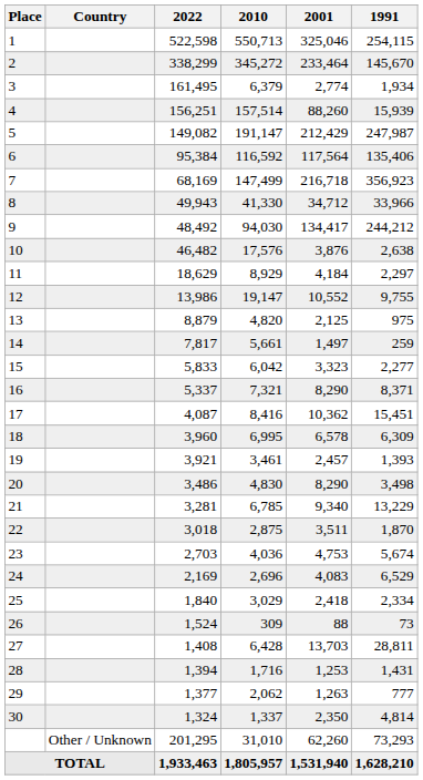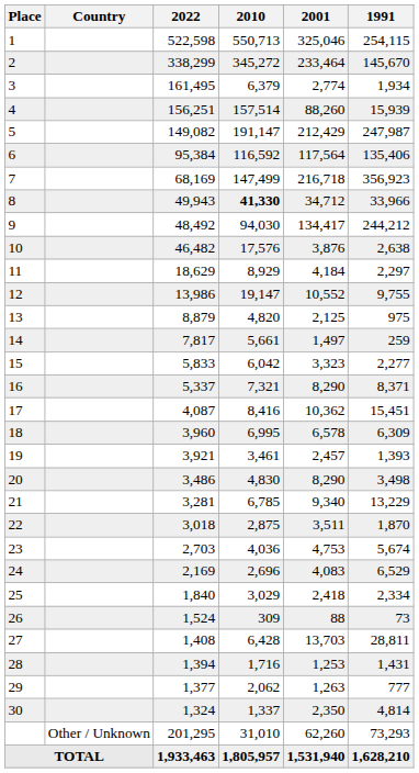 <table class="wikitable">
 <tr>
 <th>Place</th>
 <th>Country</th>
 <th>2022</th>
 <th>2010</th>
 <th>2001</th>
 <th>1991</th>
 </tr>
 <tr style="background:#fff;">
 <td>1</td>
 <td style="text-align:left"></td>
 <td style="text-align:right">522,598</td>
 <td style="text-align:right">550,713</td>
 <td style="text-align:right">325,046</td>
 <td style="text-align:right">254,115</td>
 </tr>
 <tr style="background:#efefef;">
 <td>2</td>
 <td style="text-align:left"></td>
 <td style="text-align:right">338,299</td>
 <td style="text-align:right">345,272</td>
 <td style="text-align:right">233,464</td>
 <td style="text-align:right">145,670</td>
 </tr>
 <tr style="background:#fff;">
 <td>3</td>
 <td style="text-align:left"></td>
 <td style="text-align:right">161,495</td>
 <td style="text-align:right">6,379</td>
 <td style="text-align:right">2,774</td>
 <td style="text-align:right">1,934</td>
 </tr>
 <tr style="background:#efefef;">
 <td>4</td>
 <td style="text-align:left"></td>
 <td style="text-align:right">156,251</td>
 <td style="text-align:right">157,514</td>
 <td style="text-align:right">88,260</td>
 <td style="text-align:right">15,939</td>
 </tr>
 <tr style="background:#fff;">
 <td>5</td>
 <td style="text-align:left"></td>
 <td style="text-align:right">149,082</td>
 <td style="text-align:right">191,147</td>
 <td style="text-align:right">212,429</td>
 <td style="text-align:right">247,987</td>
 </tr>
 <tr style="background:#efefef;">
 <td>6</td>
 <td style="text-align:left"></td>
 <td style="text-align:right">95,384</td>
 <td style="text-align:right">116,592</td>
 <td style="text-align:right">117,564</td>
 <td style="text-align:right">135,406</td>
 </tr>
 <tr style="background:#fff;">
 <td>7</td>
 <td style="text-align:left"></td>
 <td style="text-align:right">68,169</td>
 <td style="text-align:right">147,499</td>
 <td style="text-align:right">216,718</td>
 <td style="text-align:right">356,923</td>
 </tr>
 <tr style="background:#efefef;">
 <td>8</td>
 <td style="text-align:left"></td>
 <td style="text-align:right">49,943</td>
-<td style="text-align:right">41,330</td>
+<td style="text-align:right"><strong>41,330</strong></td>
 <td style="text-align:right">34,712</td>
 <td style="text-align:right">33,966</td>
 </tr>
 <tr style="background:#fff;">
 <td>9</td>
 <td style="text-align:left"></td>
 <td style="text-align:right">48,492</td>
 <td style="text-align:right">94,030</td>
 <td style="text-align:right">134,417</td>
 <td style="text-align:right">244,212</td>
 </tr>
 <tr style="background:#efefef;">
 <td>10</td>
 <td style="text-align:left"></td>
 <td style="text-align:right">46,482</td>
 <td style="text-align:right">17,576</td>
 <td style="text-align:right">3,876</td>
 <td style="text-align:right">2,638</td>
 </tr>
 <tr style="background:#fff;">
 <td>11</td>
 <td style="text-align:left"></td>
 <td style="text-align:right">18,629</td>
 <td style="text-align:right">8,929</td>
 <td style="text-align:right">4,184</td>
 <td style="text-align:right">2,297</td>
 </tr>
 <tr style="background:#efefef;">
 <td>12</td>
 <td style="text-align:left"></td>
 <td style="text-align:right">13,986</td>
 <td style="text-align:right">19,147</td>
 <td style="text-align:right">10,552</td>
 <td style="text-align:right">9,755</td>
 </tr>
 <tr style="background:#fff;">
 <td>13</td>
 <td style="text-align:left"></td>
 <td style="text-align:right">8,879</td>
 <td style="text-align:right">4,820</td>
 <td style="text-align:right">2,125</td>
 <td style="text-align:right">975</td>
 </tr>
 <tr style="background:#efefef;">
 <td>14</td>
 <td style="text-align:left"></td>
 <td style="text-align:right">7,817</td>
 <td style="text-align:right">5,661</td>
 <td style="text-align:right">1,497</td>
 <td style="text-align:right">259</td>
 </tr>
 <tr style="background:#fff;">
 <td>15</td>
 <td style="text-align:left"></td>
 <td style="text-align:right">5,833</td>
 <td style="text-align:right">6,042</td>
 <td style="text-align:right">3,323</td>
 <td style="text-align:right">2,277</td>
 </tr>
 <tr style="background:#efefef;">
 <td>16</td>
 <td style="text-align:left"></td>
 <td style="text-align:right">5,337</td>
 <td style="text-align:right">7,321</td>
 <td style="text-align:right">8,290</td>
 <td style="text-align:right">8,371</td>
 </tr>
 <tr style="background:#fff;">
 <td>17</td>
 <td style="text-align:left"></td>
 <td style="text-align:right">4,087</td>
 <td style="text-align:right">8,416</td>
 <td style="text-align:right">10,362</td>
 <td style="text-align:right">15,451</td>
 </tr>
 <tr style="background:#efefef;">
 <td>18</td>
 <td style="text-align:left"></td>
 <td style="text-align:right">3,960</td>
 <td style="text-align:right">6,995</td>
 <td style="text-align:right">6,578</td>
 <td style="text-align:right">6,309</td>
 </tr>
 <tr style="background:#fff;">
 <td>19</td>
 <td style="text-align:left"></td>
 <td style="text-align:right">3,921</td>
 <td style="text-align:right">3,461</td>
 <td style="text-align:right">2,457</td>
 <td style="text-align:right">1,393</td>
 </tr>
 <tr style="background:#efefef;">
 <td>20</td>
 <td style="text-align:left"></td>
 <td style="text-align:right">3,486</td>
 <td style="text-align:right">4,830</td>
 <td style="text-align:right">8,290</td>
 <td style="text-align:right">3,498</td>
 </tr>
 <tr style="background:#fff;">
 <td>21</td>
 <td style="text-align:left"></td>
 <td style="text-align:right">3,281</td>
 <td style="text-align:right">6,785</td>
 <td style="text-align:right">9,340</td>
 <td style="text-align:right">13,229</td>
 </tr>
 <tr style="background:#efefef;">
 <td>22</td>
 <td style="text-align:left"></td>
 <td style="text-align:right">3,018</td>
 <td style="text-align:right">2,875</td>
 <td style="text-align:right">3,511</td>
 <td style="text-align:right">1,870</td>
 </tr>
 <tr style="background:#fff;">
 <td>23</td>
 <td style="text-align:left"></td>
 <td style="text-align:right">2,703</td>
 <td style="text-align:right">4,036</td>
 <td style="text-align:right">4,753</td>
 <td style="text-align:right">5,674</td>
 </tr>
 <tr style="background:#efefef;">
 <td>24</td>
 <td style="text-align:left"></td>
 <td style="text-align:right">2,169</td>
 <td style="text-align:right">2,696</td>
 <td style="text-align:right">4,083</td>
 <td style="text-align:right">6,529</td>
 </tr>
 <tr style="background:#fff;">
 <td>25</td>
 <td style="text-align:left"></td>
 <td style="text-align:right">1,840</td>
 <td style="text-align:right">3,029</td>
 <td style="text-align:right">2,418</td>
 <td style="text-align:right">2,334</td>
 </tr>
 <tr style="background:#efefef;">
 <td>26</td>
 <td style="text-align:left"></td>
 <td style="text-align:right">1,524</td>
 <td style="text-align:right">309</td>
 <td style="text-align:right">88</td>
 <td style="text-align:right">73</td>
 </tr>
 <tr style="background:#fff;">
 <td>27</td>
 <td style="text-align:left"></td>
 <td style="text-align:right">1,408</td>
 <td style="text-align:right">6,428</td>
 <td style="text-align:right">13,703</td>
 <td style="text-align:right">28,811</td>
 </tr>
 <tr style="background:#efefef;">
 <td>28</td>
 <td style="text-align:left"></td>
 <td style="text-align:right">1,394</td>
 <td style="text-align:right">1,716</td>
 <td style="text-align:right">1,253</td>
 <td style="text-align:right">1,431</td>
 </tr>
 <tr style="background:#fff;">
 <td>29</td>
 <td style="text-align:left"></td>
 <td style="text-align:right">1,377</td>
 <td style="text-align:right">2,062</td>
 <td style="text-align:right">1,263</td>
 <td style="text-align:right">777</td>
 </tr>
 <tr style="background:#efefef;">
 <td>30</td>
 <td style="text-align:left"></td>
 <td style="text-align:right">1,324</td>
 <td style="text-align:right">1,337</td>
 <td style="text-align:right">2,350</td>
 <td style="text-align:right">4,814</td>
 </tr>
 <tr style="background:#fff;">
 <td></td>
 <td style="text-align:left">Other / Unknown</td>
 <td style="text-align:right">201,295</td>
 <td style="text-align:right">31,010</td>
 <td style="text-align:right">62,260</td>
 <td style="text-align:right">73,293</td>
 </tr>
 <tr style="background:#efefef;">
 <td colspan="2"  style="background:#e9e9e9; text-align:center;"><strong>TOTAL</strong></td>
 <td style="text-align:right"><strong>1,933,463</strong></td>
 <td style="text-align:right"><strong>1,805,957</strong></td>
 <td style="text-align:right"><strong>1,531,940</strong></td>
 <td style="text-align:right"><strong>1,628,210</strong></td>
 </tr>
 </table>
